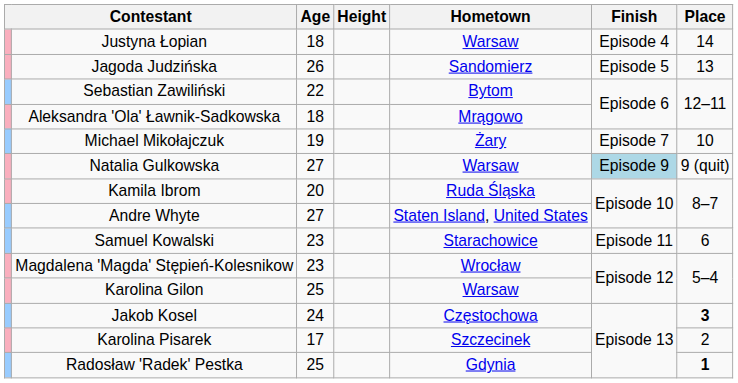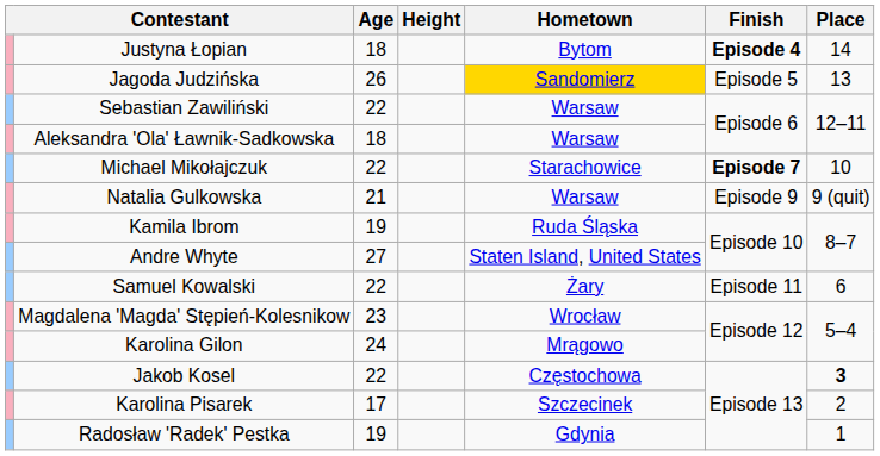 <table class="wikitable sortable" style="text-align:center;">
 <tr>
 <th colspan="2">Contestant</th>
 <th>Age</th>
 <th>Height</th>
 <th>Hometown</th>
 <th>Finish</th>
 <th>Place</th>
 </tr>
 <tr>
 <td style="background:#faafbe"></td>
 <td>Justyna Łopian</td>
 <td>18</td>
 <td></td>
-<td><a href='#'>Warsaw</a></td>
-<td>Episode 4</td>
+<td><a href='#'>Bytom</a></td>
+<td><strong>Episode 4</strong></td>
 <td>14</td>
 </tr>
 <tr>
 <td style="background:#faafbe"></td>
 <td>Jagoda Judzińska</td>
 <td>26</td>
 <td></td>
-<td><a href='#'>Sandomierz</a></td>
+<td style="background: gold;"><a href='#'>Sandomierz</a></td>
 <td>Episode 5</td>
 <td>13</td>
 </tr>
 <tr>
 <td style="background:#9cf;"></td>
 <td>Sebastian Zawiliński</td>
 <td>22</td>
 <td></td>
-<td><a href='#'>Bytom</a></td>
+<td><a href='#'>Warsaw</a></td>
 <td rowspan="2">Episode 6</td>
 <td rowspan="2">12–11</td>
 </tr>
 <tr>
 <td style="background:#faafbe"></td>
 <td nowrap>Aleksandra 'Ola' Ławnik-Sadkowska</td>
 <td>18</td>
 <td nowrap></td>
-<td><a href='#'>Mrągowo</a></td>
+<td><a href='#'>Warsaw</a></td>
 </tr>
 <tr>
 <td style="background:#9cf;"></td>
 <td>Michael Mikołajczuk</td>
-<td>19</td>
+<td>22</td>
 <td></td>
-<td><a href='#'>Żary</a></td>
-<td>Episode 7</td>
+<td><a href='#'>Starachowice</a></td>
+<td><strong>Episode 7</strong></td>
 <td>10</td>
 </tr>
 <tr>
 <td style="background:#faafbe"></td>
 <td>Natalia Gulkowska</td>
-<td>27</td>
+<td>21</td>
 <td nowrap></td>
 <td><a href='#'>Warsaw</a></td>
-<td style="background: lightblue;">Episode 9</td>
+<td>Episode 9</td>
 <td>9 (quit)</td>
 </tr>
 <tr>
 <td style="background:#faafbe"></td>
 <td>Kamila Ibrom</td>
-<td>20</td>
+<td>19</td>
 <td></td>
 <td><a href='#'>Ruda Śląska</a></td>
 <td nowrap rowspan="2">Episode 10</td>
 <td rowspan="2">8–7</td>
 </tr>
 <tr>
 <td style="background:#9cf;"></td>
 <td>Andre Whyte</td>
 <td>27</td>
 <td></td>
 <td nowrap><a href='#'>Staten Island</a>, <a href='#'>United States</a></td>
 </tr>
 <tr>
 <td style="background:#9cf;"></td>
 <td>Samuel Kowalski</td>
-<td>23</td>
+<td>22</td>
 <td></td>
-<td><a href='#'>Starachowice</a></td>
+<td><a href='#'>Żary</a></td>
 <td nowrap>Episode 11</td>
 <td>6</td>
 </tr>
 <tr>
 <td style="background:#faafbe"></td>
 <td nowrap>Magdalena 'Magda' Stępień-Kolesnikow</td>
 <td>23</td>
 <td></td>
 <td><a href='#'>Wrocław</a></td>
 <td rowspan="2">Episode 12</td>
 <td rowspan="2">5–4</td>
 </tr>
 <tr>
 <td style="background:#faafbe"></td>
 <td>Karolina Gilon</td>
-<td>25</td>
+<td>24</td>
 <td></td>
-<td><a href='#'>Warsaw</a></td>
+<td><a href='#'>Mrągowo</a></td>
 </tr>
 <tr>
 <td style="background:#9cf;"></td>
 <td>Jakob Kosel</td>
-<td>24</td>
+<td>22</td>
 <td></td>
 <td><a href='#'>Częstochowa</a></td>
 <td rowspan="3">Episode 13</td>
 <td><strong>3</strong></td>
 </tr>
 <tr>
 <td style="background:#faafbe"></td>
 <td>Karolina Pisarek</td>
 <td>17</td>
 <td></td>
 <td><a href='#'>Szczecinek</a></td>
 <td>2</td>
 </tr>
 <tr>
 <td style="background:#9cf;"></td>
 <td>Radosław 'Radek' Pestka</td>
-<td>25</td>
+<td>19</td>
 <td nowrap></td>
 <td><a href='#'>Gdynia</a></td>
-<td><strong>1</strong></td>
+<td>1</td>
 </tr>
 </table>
